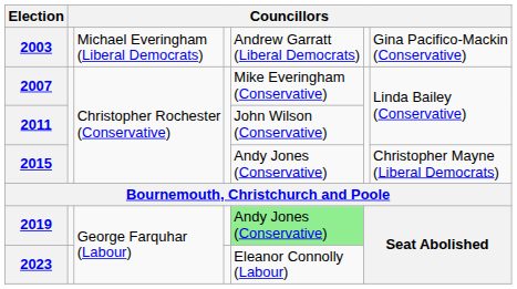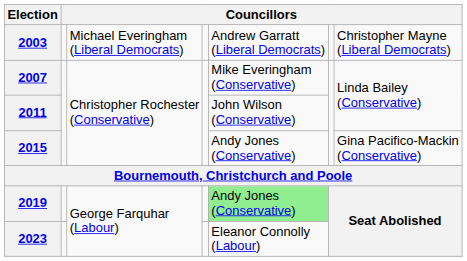 <table class="wikitable">
 <tr>
 <th>Election</th>
 <th colspan="6">Councillors</th>
 </tr>
 <tr>
 <th><a href='#'>2003</a></th>
 <td rowspan="1;" style="background-color: "></td>
 <td>Michael Everingham<br>(<a href='#'>Liberal Democrats</a>)</td>
 <td rowspan="1;" style="background-color: "></td>
 <td>Andrew Garratt<br>(<a href='#'>Liberal Democrats</a>)</td>
 <td rowspan="1;" style="background-color: "></td>
-<td>Gina Pacifico-Mackin<br>(<a href='#'>Conservative</a>)</td>
+<td>Christopher Mayne<br>(<a href='#'>Liberal Democrats</a>)</td>
 </tr>
 <tr>
 <th><a href='#'>2007</a></th>
 <td rowspan="3" style="background-color: "></td>
 <td rowspan="3">Christopher Rochester<br>(<a href='#'>Conservative</a>)</td>
 <td rowspan="3" style="background-color: "></td>
 <td>Mike Everingham<br>(<a href='#'>Conservative</a>)</td>
 <td rowspan="3" style="background-color: "></td>
 <td rowspan="2">Linda Bailey<br>(<a href='#'>Conservative</a>)</td>
 </tr>
 <tr>
 <th><a href='#'>2011</a></th>
 <td>John Wilson<br>(<a href='#'>Conservative</a>)</td>
 </tr>
 <tr>
 <th><a href='#'>2015</a></th>
 <td>Andy Jones<br>(<a href='#'>Conservative</a>)</td>
-<td>Christopher Mayne<br>(<a href='#'>Liberal Democrats</a>)</td>
+<td>Gina Pacifico-Mackin<br>(<a href='#'>Conservative</a>)</td>
 </tr>
 <tr>
 <th colspan="7"><a href='#'>Bournemouth, Christchurch and Poole</a></th>
 </tr>
 <tr>
 <th><a href='#'>2019</a></th>
 <td rowspan="1;" style="background-color: "></td>
 <td rowspan="2">George Farquhar<br>(<a href='#'>Labour</a>)</td>
 <td rowspan="1;" style="background-color: "></td>
 <td rowspan="1" style="background: lightgreen;">Andy Jones<br>(<a href='#'>Conservative</a>)</td>
 <th colspan="2" rowspan="2">Seat Abolished</th>
 </tr>
 <tr>
 <th><a href='#'>2023</a></th>
 <td rowspan="1;" style="background-color: "></td>
 <td rowspan="1;" style="background-color: "></td>
 <td rowspan="1">Eleanor Connolly<br>(<a href='#'>Labour</a>)</td>
 </tr>
 </table>
